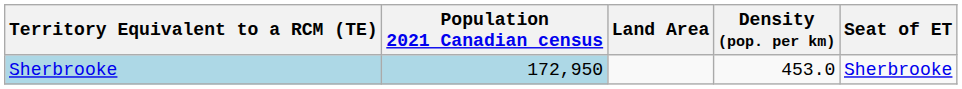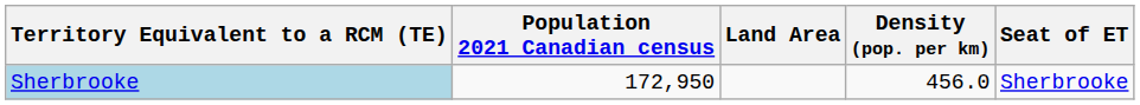 <table class="wikitable sortable" | style="text-align: right">
 <tr>
 <th align="center">Territory Equivalent to a RCM (TE)</th>
 <th align="center">Population<br><a href='#'>2021 Canadian census</a></th>
 <th align="center">Land Area</th>
 <th align="center">Density<br><small>(pop. per km)</small></th>
 <th align="center">Seat of ET</th>
 </tr>
 <tr>
 <td align="left" style="background: lightblue;"><a href='#'>Sherbrooke</a></td>
-<td style="background: lightblue;">172,950</td>
+<td>172,950</td>
 <td></td>
-<td>453.0</td>
+<td>456.0</td>
 <td align="left"><a href='#'>Sherbrooke</a></td>
 </tr>
 </table>
